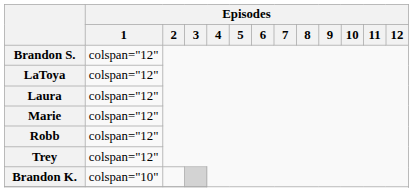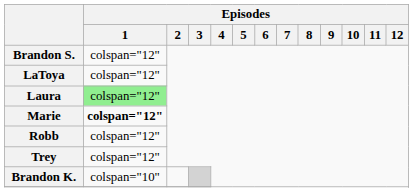 <table class="wikitable" style="text-align:center; width:40%;">
 <tr>
 <th scope="col" rowspan="2" style="width:18%;"></th>
 <th scope="colgroup" colspan="12">Episodes</th>
 </tr>
 <tr>
 <th scope="col" style="width:5%;">1</th>
 <th scope="col" style="width:5%;">2</th>
 <th scope="col" style="width:5%;">3</th>
 <th scope="col" style="width:5%;">4</th>
 <th scope="col" style="width:5%;">5</th>
 <th scope="col" style="width:5%;">6</th>
 <th scope="col" style="width:5%;">7</th>
 <th scope="col" style="width:5%;">8</th>
 <th scope="col" style="width:5%;">9</th>
 <th scope="col" style="width:5%;">10</th>
 <th scope="col" style="width:5%;">11</th>
 <th scope="col" style="width:5%;">12</th>
 </tr>
 <tr>
 <th scope="row">Brandon S.</th>
 <td>colspan="12" </td>
 </tr>
 <tr>
 <th scope="row">LaToya</th>
 <td>colspan="12" </td>
 </tr>
 <tr>
 <th scope="row">Laura</th>
-<td>colspan="12" </td>
+<td style="background: lightgreen;">colspan="12" </td>
 </tr>
 <tr>
 <th scope="row">Marie</th>
-<td>colspan="12" </td>
+<td><strong>colspan="12" </strong></td>
 </tr>
 <tr>
 <th scope="row">Robb</th>
 <td>colspan="12" </td>
 </tr>
 <tr>
 <th scope="row">Trey</th>
 <td>colspan="12" </td>
 </tr>
 <tr>
 <th scope="row">Brandon K.</th>
 <td>colspan="10" </td>
 <td></td>
 <td style="background:lightgray;"></td>
 </tr>
 <tr>
 </tr>
 </table>
